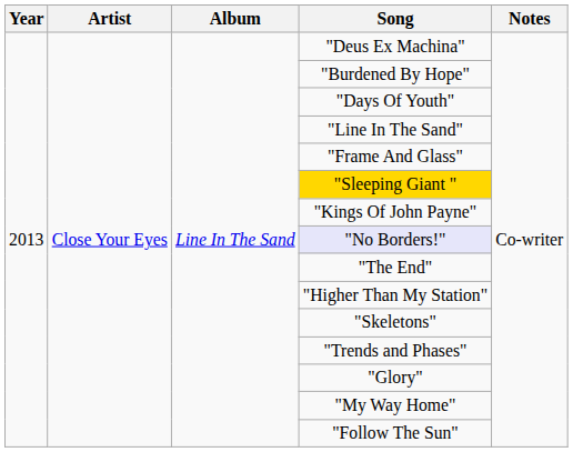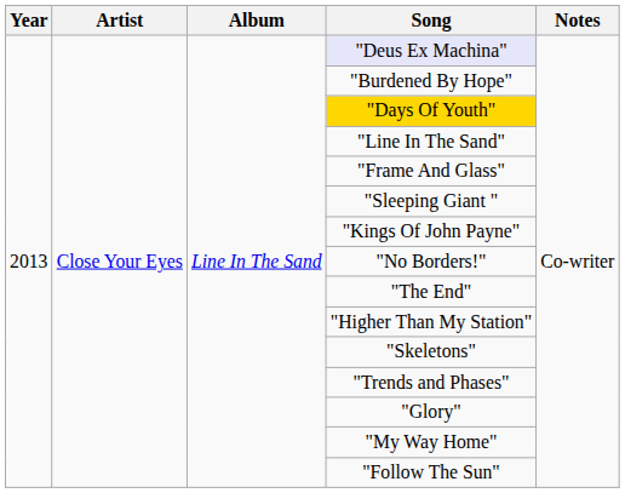 <table class="wikitable sortable plainrowheaders" style="text-align:center;">
 <tr>
 <th>Year</th>
 <th>Artist</th>
 <th>Album</th>
 <th>Song</th>
 <th>Notes</th>
 </tr>
 <tr>
 <td rowspan="16">2013</td>
 <td rowspan="16"><a href='#'>Close Your Eyes</a></td>
 <td rowspan="16"><em><a href='#'>Line In The Sand</a></em></td>
-<td>"Deus Ex Machina"</td>
+<td style="background: lavender;">"Deus Ex Machina"</td>
 <td rowspan="16">Co-writer</td>
 </tr>
 <tr>
 <td>"Burdened By Hope"</td>
 </tr>
 <tr>
-<td>"Days Of Youth"</td>
+<td style="background: gold;">"Days Of Youth"</td>
 </tr>
 <tr>
 <td>"Line In The Sand"</td>
 </tr>
 <tr>
 <td>"Frame And Glass"</td>
 </tr>
 <tr>
-<td style="background: gold;">"Sleeping Giant "</td>
+<td>"Sleeping Giant "</td>
 </tr>
 <tr>
 <td>"Kings Of John Payne"</td>
 </tr>
 <tr>
-<td style="background: lavender;">"No Borders!"</td>
+<td>"No Borders!"</td>
 </tr>
 <tr>
 <td>"The End"</td>
 </tr>
 <tr>
 <td>"Higher Than My Station"</td>
 </tr>
 <tr>
 <td>"Skeletons"</td>
 </tr>
 <tr>
 <td>"Trends and Phases"</td>
 </tr>
 <tr>
 <td>"Glory"</td>
 </tr>
 <tr>
 <td>"My Way Home"</td>
 </tr>
 <tr>
 <td>"Follow The Sun"</td>
 </tr>
 </table>
